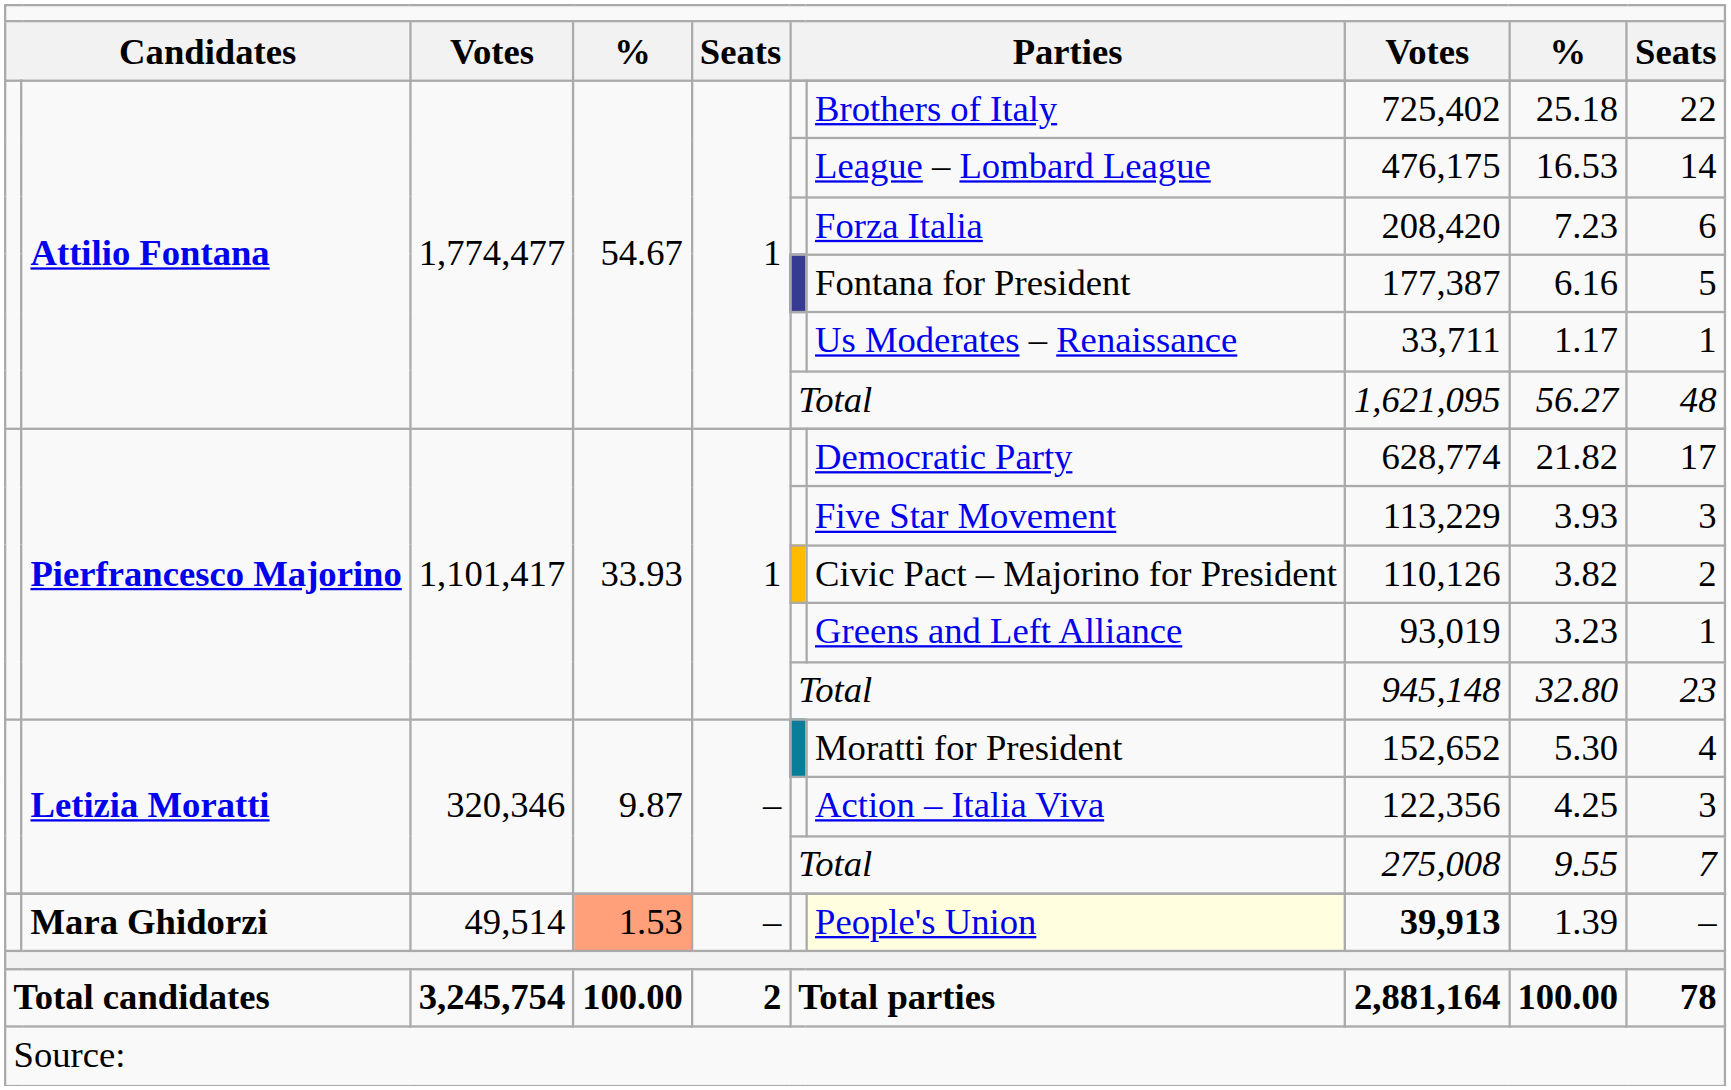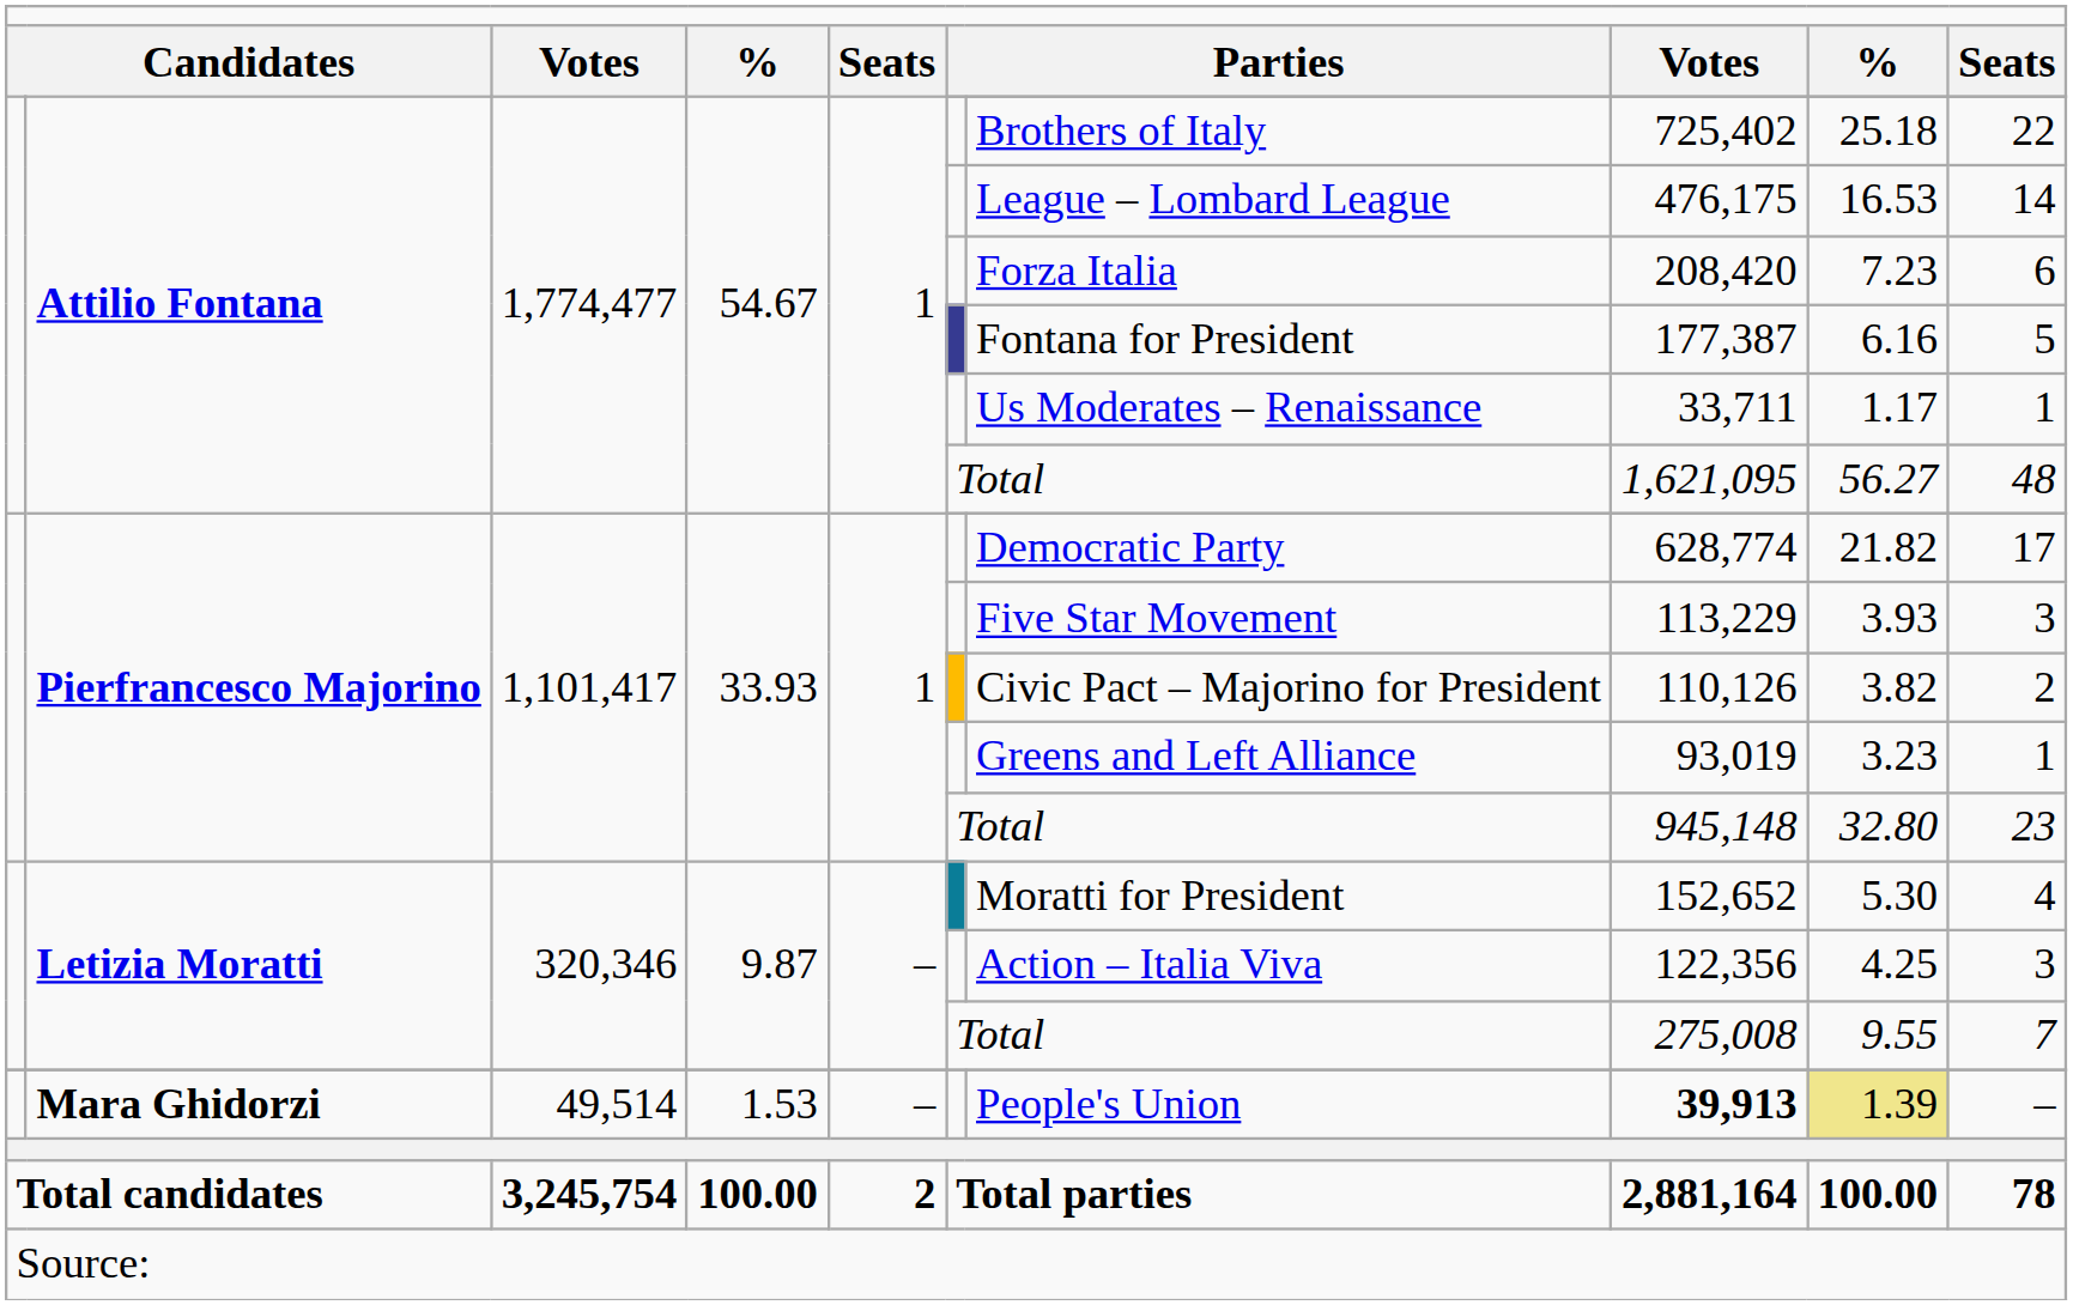 <table class="wikitable">
 <tr>
 <td colspan=10></td>
 </tr>
 <tr>
 <th colspan=2>Candidates</th>
 <th>Votes</th>
 <th>%</th>
 <th>Seats</th>
 <th colspan=2>Parties</th>
 <th>Votes</th>
 <th>%</th>
 <th>Seats</th>
 </tr>
 <tr>
 <td rowspan="7"></td>
 <td rowspan="7"><strong><a href='#'>Attilio Fontana</a></strong></td>
 <td rowspan="7" align=right>1,774,477</td>
 <td rowspan="7" align=right>54.67</td>
 <td rowspan="7" align=right>1</td>
 </tr>
 <tr>
 <td></td>
 <td><a href='#'>Brothers of Italy</a></td>
 <td align=right>725,402</td>
 <td align=right>25.18</td>
 <td align=right>22</td>
 </tr>
 <tr>
 <td></td>
 <td><a href='#'>League</a> – <a href='#'>Lombard League</a></td>
 <td align=right>476,175</td>
 <td align=right>16.53</td>
 <td align=right>14</td>
 </tr>
 <tr>
 <td></td>
 <td><a href='#'>Forza Italia</a></td>
 <td align=right>208,420</td>
 <td align=right>7.23</td>
 <td align=right>6</td>
 </tr>
 <tr>
 <td bgcolor="#363A91"></td>
 <td>Fontana for President</td>
 <td align=right>177,387</td>
 <td align=right>6.16</td>
 <td align=right>5</td>
 </tr>
 <tr>
 <td></td>
 <td style="text-align:left;"><a href='#'>Us Moderates</a> – <a href='#'>Renaissance</a></td>
 <td align=right>33,711</td>
 <td align=right>1.17</td>
 <td align=right>1</td>
 </tr>
 <tr>
 <td colspan=2><em>Total</em></td>
 <td align=right><em>1,621,095</em></td>
 <td align=right><em>56.27</em></td>
 <td align=right><em>48</em></td>
 </tr>
 <tr>
 <td rowspan=6></td>
 <td rowspan=6><strong><a href='#'>Pierfrancesco Majorino</a></strong></td>
 <td rowspan="6" align=right>1,101,417</td>
 <td rowspan="6" align=right>33.93</td>
 <td rowspan="6" align=right>1</td>
 </tr>
 <tr>
 <td></td>
 <td><a href='#'>Democratic Party</a></td>
 <td align=right>628,774</td>
 <td align=right>21.82</td>
 <td align=right>17</td>
 </tr>
 <tr>
 <td></td>
 <td><a href='#'>Five Star Movement</a></td>
 <td align=right>113,229</td>
 <td align=right>3.93</td>
 <td align=right>3</td>
 </tr>
 <tr>
 <td bgcolor="#FEBB00"></td>
 <td>Civic Pact – Majorino for President</td>
 <td align=right>110,126</td>
 <td align=right>3.82</td>
 <td align=right>2</td>
 </tr>
 <tr>
 <td></td>
 <td><a href='#'>Greens and Left Alliance</a></td>
 <td align=right>93,019</td>
 <td align=right>3.23</td>
 <td align=right>1</td>
 </tr>
 <tr>
 <td colspan=2><em>Total</em></td>
 <td align=right><em>945,148</em></td>
 <td align=right><em>32.80</em></td>
 <td align=right><em>23</em></td>
 </tr>
 <tr>
 <td rowspan=3></td>
 <td rowspan=3><strong><a href='#'>Letizia Moratti</a></strong></td>
 <td rowspan="3" align=right>320,346</td>
 <td rowspan="3" align=right>9.87</td>
 <td rowspan="3" align=right>–</td>
 <td bgcolor="#0A7D98"></td>
 <td>Moratti for President</td>
 <td align=right>152,652</td>
 <td align=right>5.30</td>
 <td align=right>4</td>
 </tr>
 <tr>
 <td></td>
 <td><a href='#'>Action – Italia Viva</a></td>
 <td align=right>122,356</td>
 <td align=right>4.25</td>
 <td align=right>3</td>
 </tr>
 <tr>
 <td colspan=2><em>Total</em></td>
 <td align=right><em>275,008</em></td>
 <td align=right><em>9.55</em></td>
 <td align=right><em>7</em></td>
 </tr>
 <tr>
 </tr>
 <tr>
 <td></td>
 <td><strong>Mara Ghidorzi</strong></td>
 <td align=right>49,514</td>
-<td align=right style="background: lightsalmon;">1.53</td>
+<td align=right>1.53</td>
 <td align=right>–</td>
 <td></td>
-<td style="background: lightyellow;"><a href='#'>People's Union</a></td>
+<td><a href='#'>People's Union</a></td>
 <td align=right><strong>39,913</strong></td>
-<td align=right>1.39</td>
+<td align=right style="background: khaki;">1.39</td>
 <td align=right>–</td>
 </tr>
 <tr>
 <th colspan=10></th>
 </tr>
 <tr>
 <td colspan=2><strong>Total candidates</strong></td>
 <td align=right><strong>3,245,754</strong></td>
 <td align=right><strong>100.00</strong></td>
 <td align=right><strong>2</strong></td>
 <td colspan=2><strong>Total parties</strong></td>
 <td align=right><strong>2,881,164</strong></td>
 <td align=right><strong>100.00</strong></td>
 <td align=right><strong>78</strong></td>
 </tr>
 <tr>
 <td colspan=10>Source: </td>
 </tr>
 </table>
